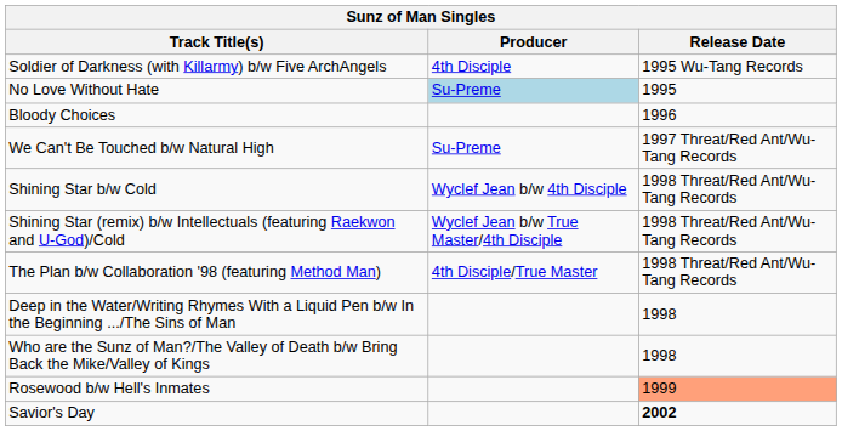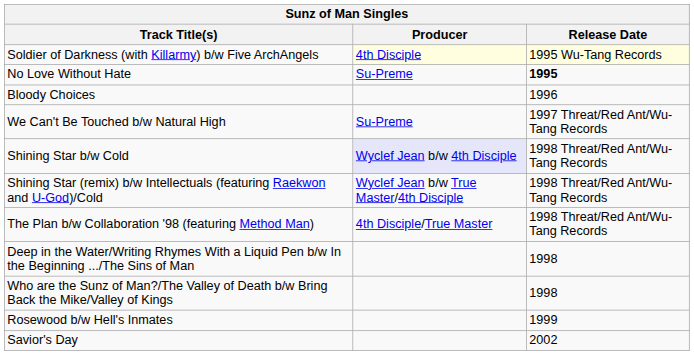 <table class="wikitable">
 <tr>
 <th colspan=4>Sunz of Man Singles</th>
 </tr>
 <tr>
 <th>Track Title(s)</th>
 <th>Producer</th>
 <th>Release Date</th>
 </tr>
 <tr>
 <td>Soldier of Darkness (with <a href='#'>Killarmy</a>) b/w Five ArchAngels</td>
-<td><a href='#'>4th Disciple</a></td>
-<td>1995 Wu-Tang Records</td>
+<td style="background: lightyellow;"><a href='#'>4th Disciple</a></td>
+<td style="background: lightyellow;">1995 Wu-Tang Records</td>
 </tr>
 <tr>
 <td>No Love Without Hate</td>
-<td style="background: lightblue;"><a href='#'>Su-Preme</a></td>
-<td>1995</td>
+<td><a href='#'>Su-Preme</a></td>
+<td><strong>1995</strong></td>
 </tr>
 <tr>
 <td>Bloody Choices</td>
 <td></td>
 <td>1996</td>
 </tr>
 <tr>
 <td>We Can't Be Touched b/w Natural High</td>
 <td><a href='#'>Su-Preme</a></td>
 <td>1997 Threat/Red Ant/Wu-Tang Records</td>
 </tr>
 <tr>
 <td>Shining Star b/w Cold</td>
-<td><a href='#'>Wyclef Jean</a> b/w <a href='#'>4th Disciple</a></td>
+<td style="background: lavender;"><a href='#'>Wyclef Jean</a> b/w <a href='#'>4th Disciple</a></td>
 <td>1998 Threat/Red Ant/Wu-Tang Records</td>
 </tr>
 <tr>
 <td>Shining Star (remix) b/w Intellectuals (featuring <a href='#'>Raekwon</a> and <a href='#'>U-God</a>)/Cold</td>
 <td><a href='#'>Wyclef Jean</a> b/w <a href='#'>True Master</a>/<a href='#'>4th Disciple</a></td>
 <td>1998 Threat/Red Ant/Wu-Tang Records</td>
 </tr>
 <tr>
 <td>The Plan b/w Collaboration '98 (featuring <a href='#'>Method Man</a>)</td>
 <td><a href='#'>4th Disciple</a>/<a href='#'>True Master</a></td>
 <td>1998 Threat/Red Ant/Wu-Tang Records</td>
 </tr>
 <tr>
 <td>Deep in the Water/Writing Rhymes With a Liquid Pen b/w In the Beginning .../The Sins of Man</td>
 <td></td>
 <td>1998</td>
 </tr>
 <tr>
 <td>Who are the Sunz of Man?/The Valley of Death b/w Bring Back the Mike/Valley of Kings</td>
 <td></td>
 <td>1998</td>
 </tr>
 <tr>
 <td>Rosewood b/w Hell's Inmates</td>
 <td></td>
-<td style="background: lightsalmon;">1999</td>
+<td>1999</td>
 </tr>
 <tr>
 <td>Savior's Day</td>
 <td></td>
-<td><strong>2002</strong></td>
+<td>2002</td>
 </tr>
 </table>
